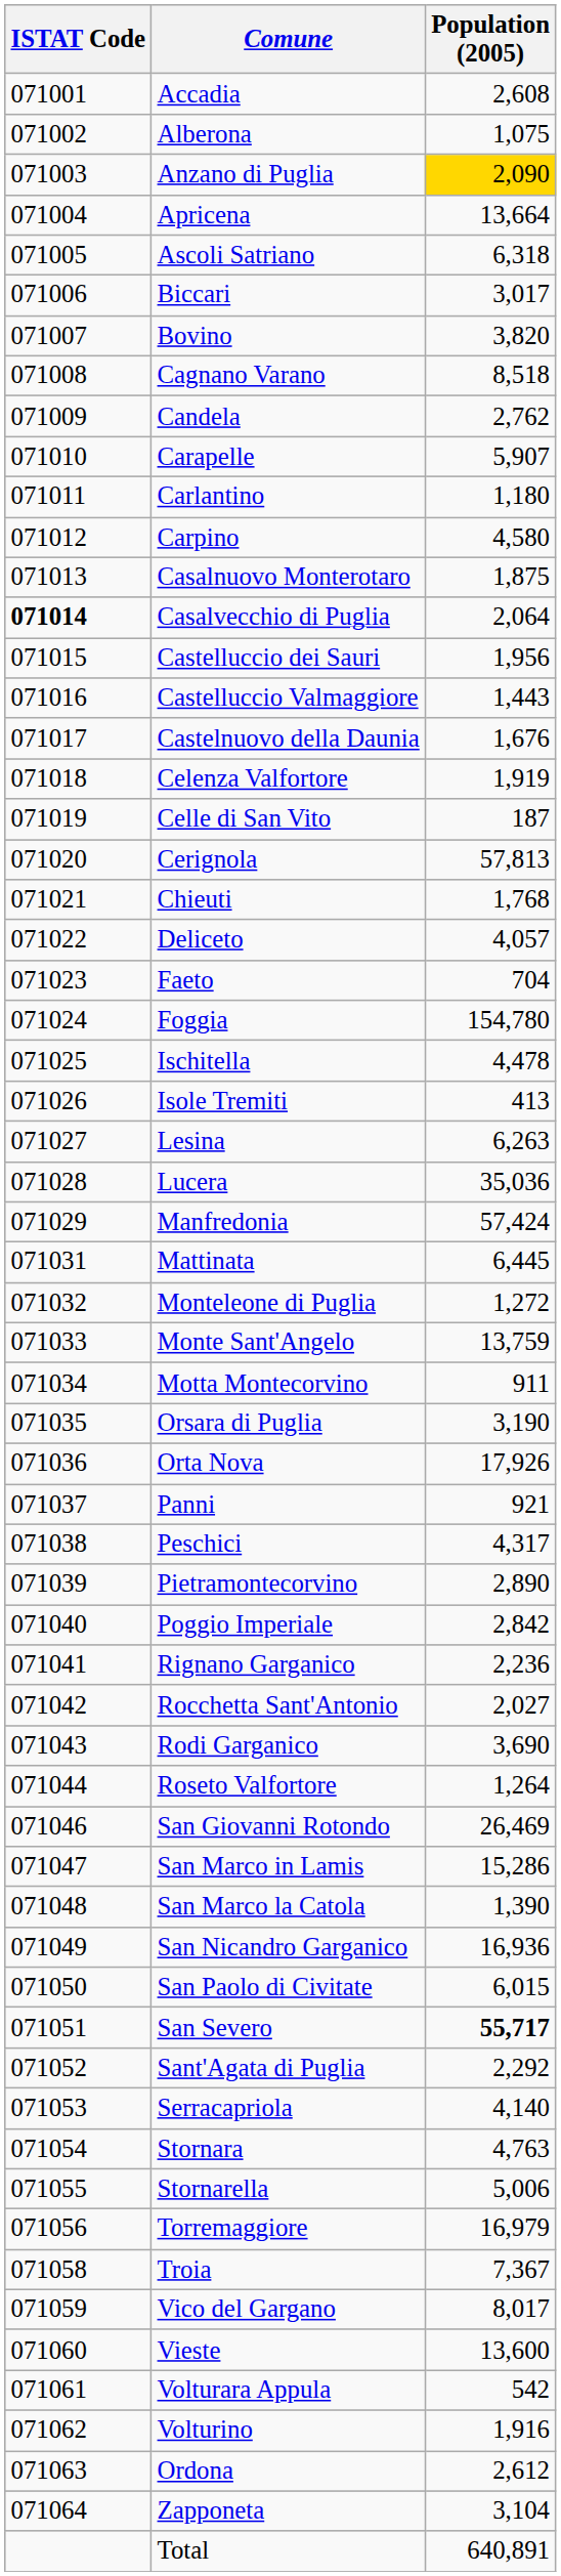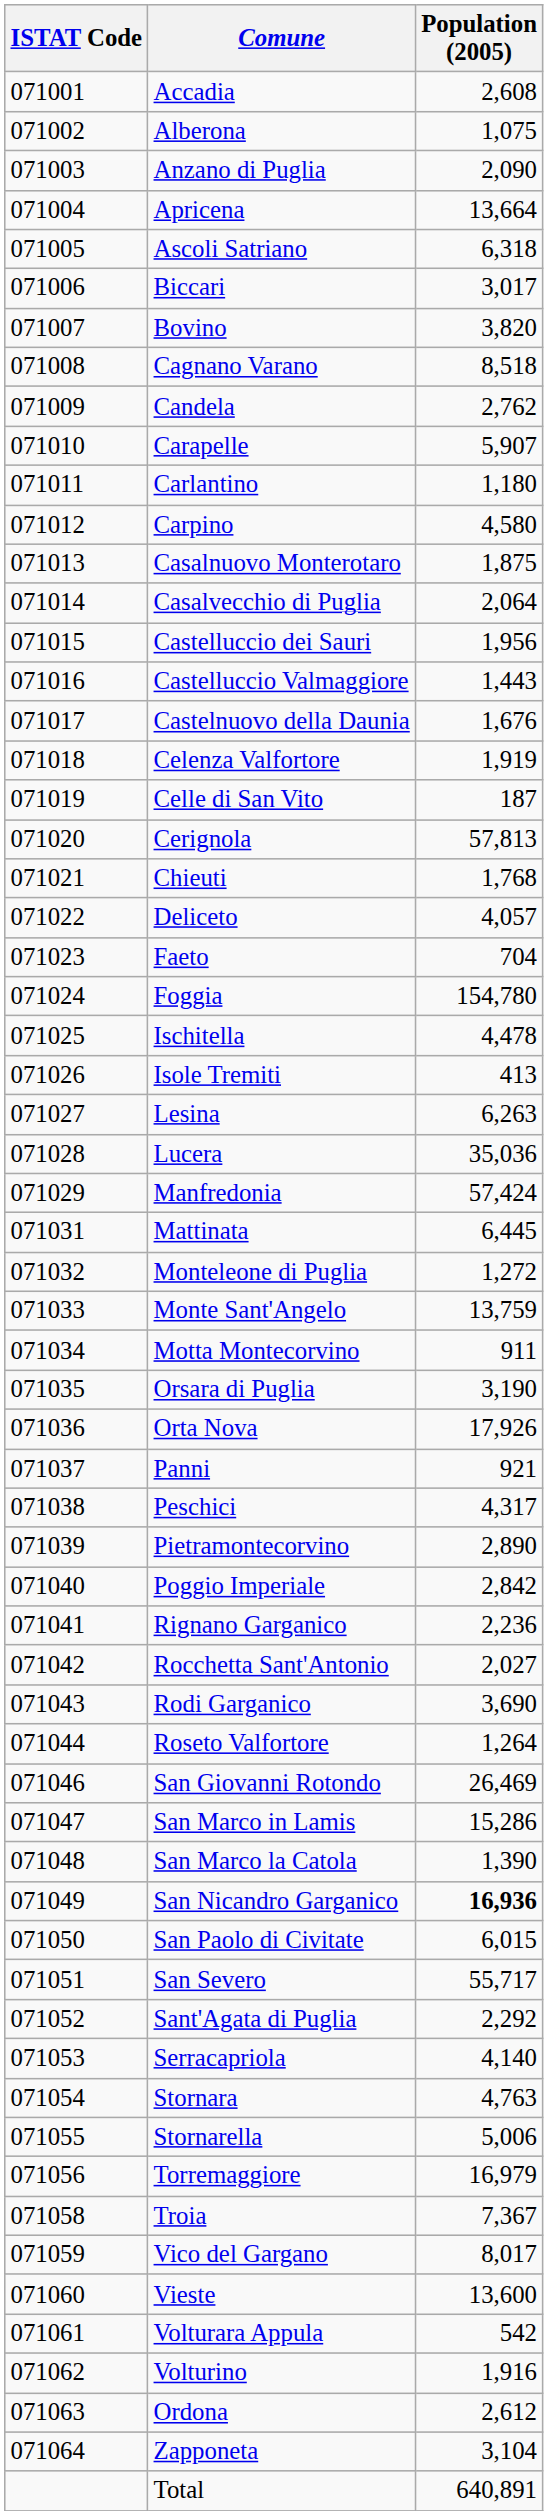 <table class="wikitable sortable">
 <tr>
 <th><a href='#'>ISTAT</a> Code</th>
 <th><em><a href='#'>Comune</a></em></th>
 <th>Population <br>(2005)</th>
 </tr>
 <tr>
 <td>071001</td>
 <td><a href='#'>Accadia</a></td>
 <td align="right">2,608</td>
 </tr>
 <tr>
 <td>071002</td>
 <td><a href='#'>Alberona</a></td>
 <td align="right">1,075</td>
 </tr>
 <tr>
 <td>071003</td>
 <td><a href='#'>Anzano di Puglia</a></td>
-<td align="right" style="background: gold;">2,090</td>
+<td align="right">2,090</td>
 </tr>
 <tr>
 <td>071004</td>
 <td><a href='#'>Apricena</a></td>
 <td align="right">13,664</td>
 </tr>
 <tr>
 <td>071005</td>
 <td><a href='#'>Ascoli Satriano</a></td>
 <td align="right">6,318</td>
 </tr>
 <tr>
 <td>071006</td>
 <td><a href='#'>Biccari</a></td>
 <td align="right">3,017</td>
 </tr>
 <tr>
 <td>071007</td>
 <td><a href='#'>Bovino</a></td>
 <td align="right">3,820</td>
 </tr>
 <tr>
 <td>071008</td>
 <td><a href='#'>Cagnano Varano</a></td>
 <td align="right">8,518</td>
 </tr>
 <tr>
 <td>071009</td>
 <td><a href='#'>Candela</a></td>
 <td align="right">2,762</td>
 </tr>
 <tr>
 <td>071010</td>
 <td><a href='#'>Carapelle</a></td>
 <td align="right">5,907</td>
 </tr>
 <tr>
 <td>071011</td>
 <td><a href='#'>Carlantino</a></td>
 <td align="right">1,180</td>
 </tr>
 <tr>
 <td>071012</td>
 <td><a href='#'>Carpino</a></td>
 <td align="right">4,580</td>
 </tr>
 <tr>
 <td>071013</td>
 <td><a href='#'>Casalnuovo Monterotaro</a></td>
 <td align="right">1,875</td>
 </tr>
 <tr>
-<td><strong>071014</strong></td>
+<td>071014</td>
 <td><a href='#'>Casalvecchio di Puglia</a></td>
 <td align="right">2,064</td>
 </tr>
 <tr>
 <td>071015</td>
 <td><a href='#'>Castelluccio dei Sauri</a></td>
 <td align="right">1,956</td>
 </tr>
 <tr>
 <td>071016</td>
 <td><a href='#'>Castelluccio Valmaggiore</a></td>
 <td align="right">1,443</td>
 </tr>
 <tr>
 <td>071017</td>
 <td><a href='#'>Castelnuovo della Daunia</a></td>
 <td align="right">1,676</td>
 </tr>
 <tr>
 <td>071018</td>
 <td><a href='#'>Celenza Valfortore</a></td>
 <td align="right">1,919</td>
 </tr>
 <tr>
 <td>071019</td>
 <td><a href='#'>Celle di San Vito</a></td>
 <td align="right">187</td>
 </tr>
 <tr>
 <td>071020</td>
 <td><a href='#'>Cerignola</a></td>
 <td align="right">57,813</td>
 </tr>
 <tr>
 <td>071021</td>
 <td><a href='#'>Chieuti</a></td>
 <td align="right">1,768</td>
 </tr>
 <tr>
 <td>071022</td>
 <td><a href='#'>Deliceto</a></td>
 <td align="right">4,057</td>
 </tr>
 <tr>
 <td>071023</td>
 <td><a href='#'>Faeto</a></td>
 <td align="right">704</td>
 </tr>
 <tr>
 <td>071024</td>
 <td><a href='#'>Foggia</a></td>
 <td align="right">154,780</td>
 </tr>
 <tr>
 <td>071025</td>
 <td><a href='#'>Ischitella</a></td>
 <td align="right">4,478</td>
 </tr>
 <tr>
 <td>071026</td>
 <td><a href='#'>Isole Tremiti</a></td>
 <td align="right">413</td>
 </tr>
 <tr>
 <td>071027</td>
 <td><a href='#'>Lesina</a></td>
 <td align="right">6,263</td>
 </tr>
 <tr>
 <td>071028</td>
 <td><a href='#'>Lucera</a></td>
 <td align="right">35,036</td>
 </tr>
 <tr>
 <td>071029</td>
 <td><a href='#'>Manfredonia</a></td>
 <td align="right">57,424</td>
 </tr>
 <tr>
 <td>071031</td>
 <td><a href='#'>Mattinata</a></td>
 <td align="right">6,445</td>
 </tr>
 <tr>
 <td>071032</td>
 <td><a href='#'>Monteleone di Puglia</a></td>
 <td align="right">1,272</td>
 </tr>
 <tr>
 <td>071033</td>
 <td><a href='#'>Monte Sant'Angelo</a></td>
 <td align="right">13,759</td>
 </tr>
 <tr>
 <td>071034</td>
 <td><a href='#'>Motta Montecorvino</a></td>
 <td align="right">911</td>
 </tr>
 <tr>
 <td>071035</td>
 <td><a href='#'>Orsara di Puglia</a></td>
 <td align="right">3,190</td>
 </tr>
 <tr>
 <td>071036</td>
 <td><a href='#'>Orta Nova</a></td>
 <td align="right">17,926</td>
 </tr>
 <tr>
 <td>071037</td>
 <td><a href='#'>Panni</a></td>
 <td align="right">921</td>
 </tr>
 <tr>
 <td>071038</td>
 <td><a href='#'>Peschici</a></td>
 <td align="right">4,317</td>
 </tr>
 <tr>
 <td>071039</td>
 <td><a href='#'>Pietramontecorvino</a></td>
 <td align="right">2,890</td>
 </tr>
 <tr>
 <td>071040</td>
 <td><a href='#'>Poggio Imperiale</a></td>
 <td align="right">2,842</td>
 </tr>
 <tr>
 <td>071041</td>
 <td><a href='#'>Rignano Garganico</a></td>
 <td align="right">2,236</td>
 </tr>
 <tr>
 <td>071042</td>
 <td><a href='#'>Rocchetta Sant'Antonio</a></td>
 <td align="right">2,027</td>
 </tr>
 <tr>
 <td>071043</td>
 <td><a href='#'>Rodi Garganico</a></td>
 <td align="right">3,690</td>
 </tr>
 <tr>
 <td>071044</td>
 <td><a href='#'>Roseto Valfortore</a></td>
 <td align="right">1,264</td>
 </tr>
 <tr>
 <td>071046</td>
 <td><a href='#'>San Giovanni Rotondo</a></td>
 <td align="right">26,469</td>
 </tr>
 <tr>
 <td>071047</td>
 <td><a href='#'>San Marco in Lamis</a></td>
 <td align="right">15,286</td>
 </tr>
 <tr>
 <td>071048</td>
 <td><a href='#'>San Marco la Catola</a></td>
 <td align="right">1,390</td>
 </tr>
 <tr>
 <td>071049</td>
 <td><a href='#'>San Nicandro Garganico</a></td>
-<td align="right">16,936</td>
+<td align="right"><strong>16,936</strong></td>
 </tr>
 <tr>
 <td>071050</td>
 <td><a href='#'>San Paolo di Civitate</a></td>
 <td align="right">6,015</td>
 </tr>
 <tr>
 <td>071051</td>
 <td><a href='#'>San Severo</a></td>
-<td align="right"><strong>55,717</strong></td>
+<td align="right">55,717</td>
 </tr>
 <tr>
 <td>071052</td>
 <td><a href='#'>Sant'Agata di Puglia</a></td>
 <td align="right">2,292</td>
 </tr>
 <tr>
 <td>071053</td>
 <td><a href='#'>Serracapriola</a></td>
 <td align="right">4,140</td>
 </tr>
 <tr>
 <td>071054</td>
 <td><a href='#'>Stornara</a></td>
 <td align="right">4,763</td>
 </tr>
 <tr>
 <td>071055</td>
 <td><a href='#'>Stornarella</a></td>
 <td align="right">5,006</td>
 </tr>
 <tr>
 <td>071056</td>
 <td><a href='#'>Torremaggiore</a></td>
 <td align="right">16,979</td>
 </tr>
 <tr>
 <td>071058</td>
 <td><a href='#'>Troia</a></td>
 <td align="right">7,367</td>
 </tr>
 <tr>
 <td>071059</td>
 <td><a href='#'>Vico del Gargano</a></td>
 <td align="right">8,017</td>
 </tr>
 <tr>
 <td>071060</td>
 <td><a href='#'>Vieste</a></td>
 <td align="right">13,600</td>
 </tr>
 <tr>
 <td>071061</td>
 <td><a href='#'>Volturara Appula</a></td>
 <td align="right">542</td>
 </tr>
 <tr>
 <td>071062</td>
 <td><a href='#'>Volturino</a></td>
 <td align="right">1,916</td>
 </tr>
 <tr>
 <td>071063</td>
 <td><a href='#'>Ordona</a></td>
 <td align="right">2,612</td>
 </tr>
 <tr>
 <td>071064</td>
 <td><a href='#'>Zapponeta</a></td>
 <td align="right">3,104</td>
 </tr>
 <tr>
 <td></td>
 <td>Total</td>
 <td align="right">640,891</td>
 </tr>
 <tr>
 </tr>
 </table>
